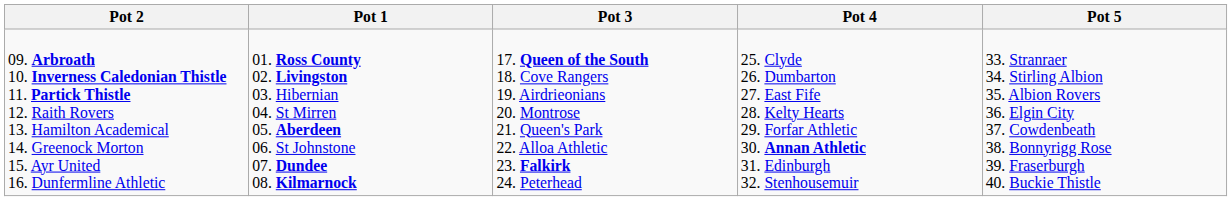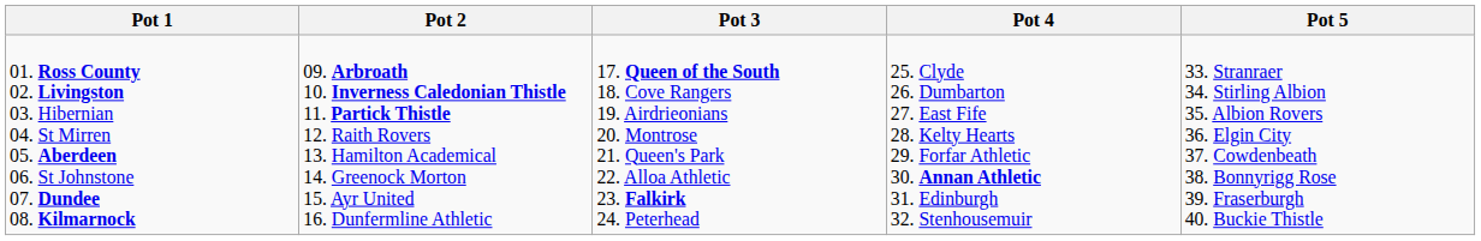 <table class="wikitable">
 <tr>
+<th style="width:250px;">Pot 1</th>
 <th style="width:250px;">Pot 2</th>
-<th style="width:250px;">Pot 1</th>
 <th style="width:250px;">Pot 3</th>
 <th style="width:250px;">Pot 4</th>
 <th style="width:250px;">Pot 5</th>
 </tr>
 <tr>
+<td valign=top><br>01. <strong><a href='#'>Ross County</a></strong><br> 02. <strong><a href='#'>Livingston</a></strong><br> 03. <a href='#'>Hibernian</a><br> 04. <a href='#'>St Mirren</a><br> 05. <strong><a href='#'>Aberdeen</a></strong><br> 06. <a href='#'>St Johnstone</a><br> 07. <strong><a href='#'>Dundee</a></strong><br> 08. <strong><a href='#'>Kilmarnock</a></strong></td>
 <td valign=top><br>09. <strong><a href='#'>Arbroath</a></strong><br> 10. <strong><a href='#'>Inverness Caledonian Thistle</a></strong><br> 11. <strong><a href='#'>Partick Thistle</a></strong><br> 12. <a href='#'>Raith Rovers</a><br> 13. <a href='#'>Hamilton Academical</a><br> 14. <a href='#'>Greenock Morton</a><br> 15. <a href='#'>Ayr United</a><br> 16. <a href='#'>Dunfermline Athletic</a></td>
-<td valign=top><br>01. <strong><a href='#'>Ross County</a></strong><br> 02. <strong><a href='#'>Livingston</a></strong><br> 03. <a href='#'>Hibernian</a><br> 04. <a href='#'>St Mirren</a><br> 05. <strong><a href='#'>Aberdeen</a></strong><br> 06. <a href='#'>St Johnstone</a><br> 07. <strong><a href='#'>Dundee</a></strong><br> 08. <strong><a href='#'>Kilmarnock</a></strong></td>
 <td valign=top><br>17. <strong><a href='#'>Queen of the South</a></strong><br> 18. <a href='#'>Cove Rangers</a><br> 19. <a href='#'>Airdrieonians</a><br> 20. <a href='#'>Montrose</a><br> 21. <a href='#'>Queen's Park</a><br> 22. <a href='#'>Alloa Athletic</a><br> 23. <strong><a href='#'>Falkirk</a></strong><br> 24. <a href='#'>Peterhead</a></td>
 <td valign=top><br>25. <a href='#'>Clyde</a><br> 26. <a href='#'>Dumbarton</a><br> 27. <a href='#'>East Fife</a><br> 28. <a href='#'>Kelty Hearts</a><br> 29. <a href='#'>Forfar Athletic</a><br> 30. <strong><a href='#'>Annan Athletic</a></strong><br> 31. <a href='#'>Edinburgh</a><br> 32. <a href='#'>Stenhousemuir</a></td>
 <td valign=top><br>33. <a href='#'>Stranraer</a><br> 34. <a href='#'>Stirling Albion</a><br> 35. <a href='#'>Albion Rovers</a><br> 36. <a href='#'>Elgin City</a><br> 37. <a href='#'>Cowdenbeath</a><br> 38. <a href='#'>Bonnyrigg Rose</a><br> 39. <a href='#'>Fraserburgh</a><br> 40. <a href='#'>Buckie Thistle</a></td>
 </tr>
 </table>
